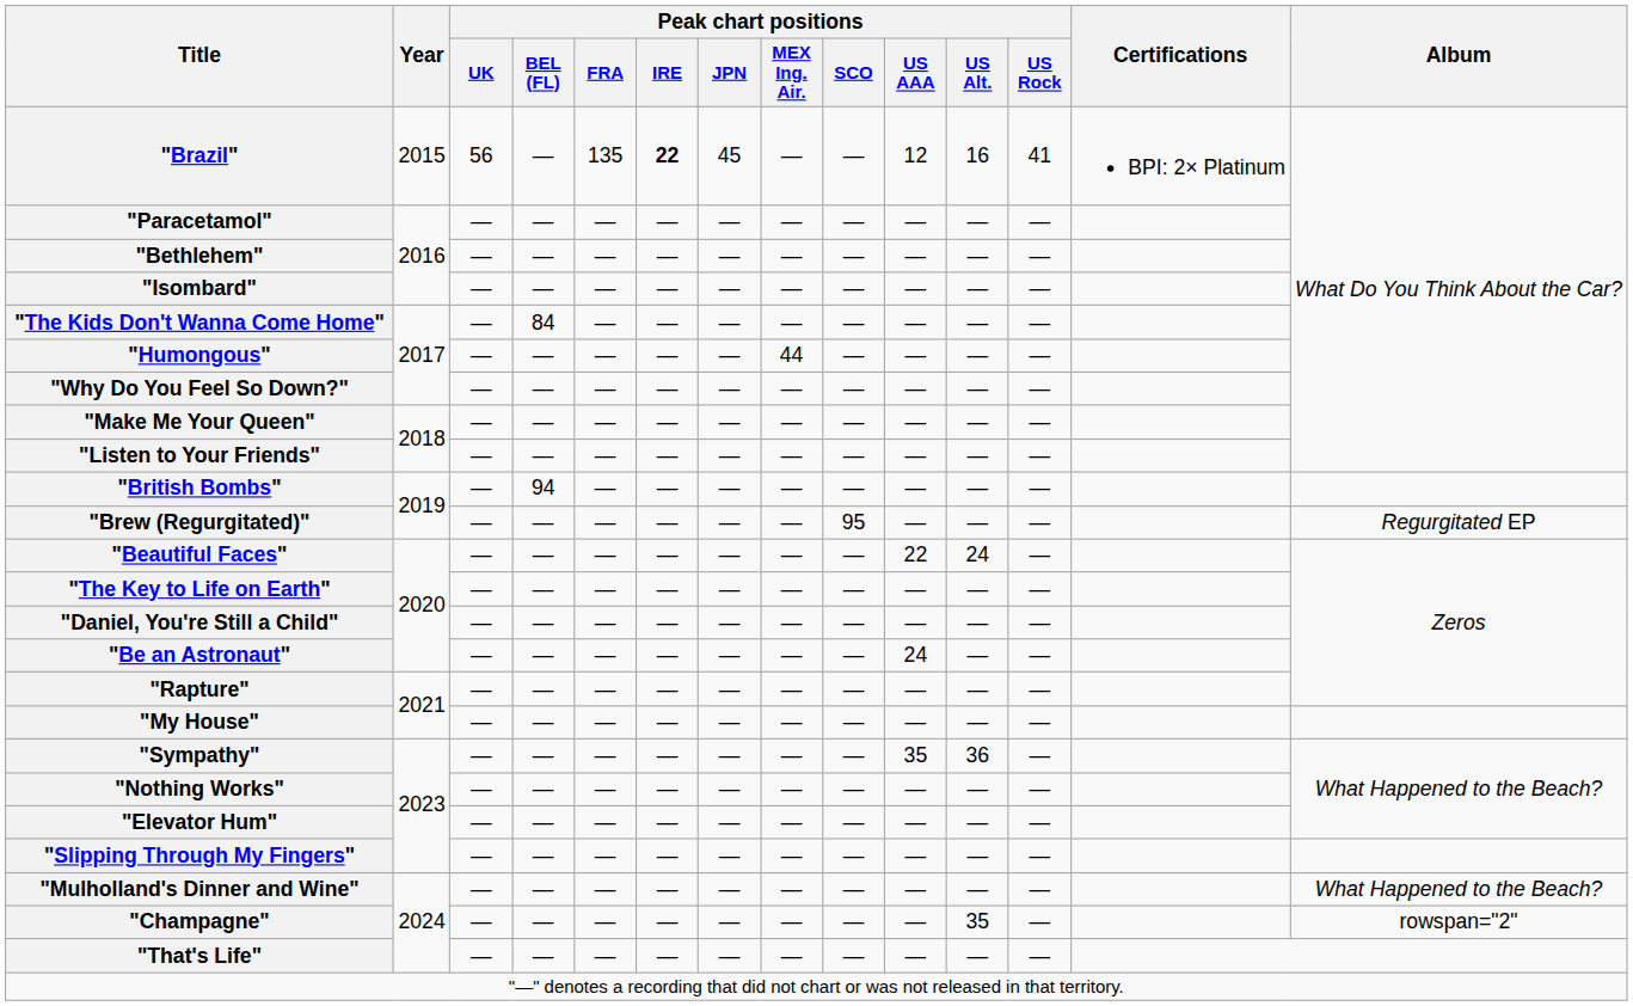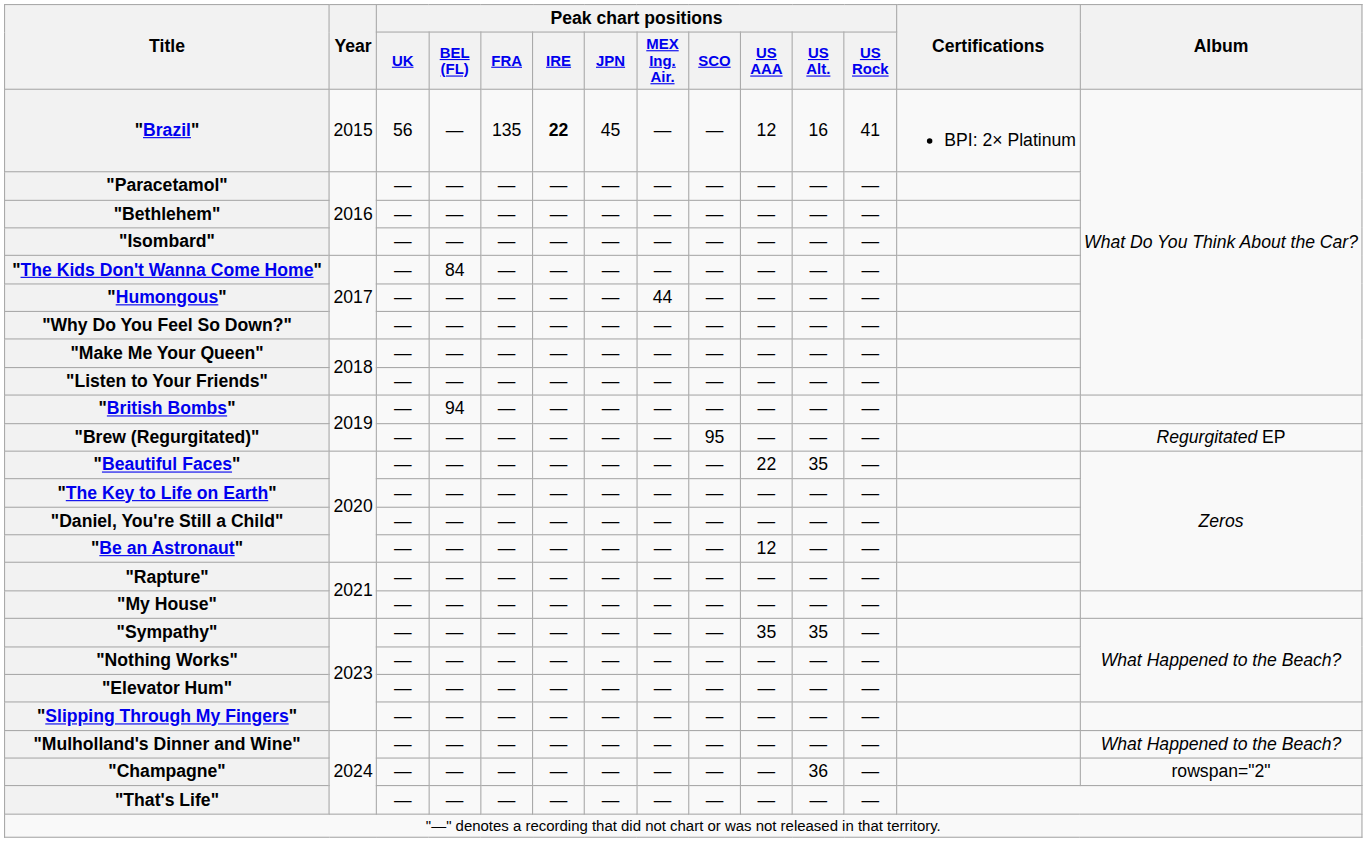 <table class="wikitable plainrowheaders" style="text-align:center;">
 <tr>
 <th scope="col" rowspan="2" style="width:18em;">Title</th>
 <th scope="col" rowspan="2" style="width:1em;">Year</th>
 <th scope="col" colspan="10">Peak chart positions</th>
 <th scope="col" rowspan="2">Certifications</th>
 <th scope="col" rowspan="2">Album</th>
 </tr>
 <tr>
 <th scope="col" style="width:3em;font-size:85%;"><a href='#'>UK</a><br></th>
 <th scope="col" style="width:3em;font-size:85%;"><a href='#'>BEL<br>(FL)</a><br></th>
 <th scope="col" style="width:3em;font-size:85%;"><a href='#'>FRA</a><br></th>
 <th scope="col" style="width:3em;font-size:85%;"><a href='#'>IRE</a><br></th>
 <th scope="col" style="width:3em;font-size:85%;"><a href='#'>JPN</a><br></th>
 <th scope="col" style="width:3em;font-size:85%;"><a href='#'>MEX<br>Ing.<br>Air.</a><br></th>
 <th scope="col" style="width:3em;font-size:85%;"><a href='#'>SCO</a><br></th>
 <th scope="col" style="width:3em;font-size:85%;"><a href='#'>US<br>AAA</a><br></th>
 <th scope="col" style="width:3em;font-size:85%;"><a href='#'>US<br>Alt.</a><br></th>
 <th scope="col" style="width:3em;font-size:85%;"><a href='#'>US<br>Rock</a><br></th>
 </tr>
 <tr>
 <th scope="row">"<a href='#'>Brazil</a>"</th>
 <td>2015</td>
 <td>56</td>
 <td>—</td>
 <td>135</td>
 <td><strong>22</strong></td>
 <td>45</td>
 <td>—</td>
 <td>—</td>
 <td>12</td>
 <td>16</td>
 <td>41</td>
 <td><br><ul><li>BPI: 2× Platinum</li></ul></td>
 <td rowspan="9"><em>What Do You Think About the Car?</em></td>
 </tr>
 <tr>
 <th scope="row">"Paracetamol"</th>
 <td rowspan="3">2016</td>
 <td>—</td>
 <td>—</td>
 <td>—</td>
 <td>—</td>
 <td>—</td>
 <td>—</td>
 <td>—</td>
 <td>—</td>
 <td>—</td>
 <td>—</td>
 <td></td>
 </tr>
 <tr>
 <th scope="row">"Bethlehem"</th>
 <td>—</td>
 <td>—</td>
 <td>—</td>
 <td>—</td>
 <td>—</td>
 <td>—</td>
 <td>—</td>
 <td>—</td>
 <td>—</td>
 <td>—</td>
 <td></td>
 </tr>
 <tr>
 <th scope="row">"Isombard"</th>
 <td>—</td>
 <td>—</td>
 <td>—</td>
 <td>—</td>
 <td>—</td>
 <td>—</td>
 <td>—</td>
 <td>—</td>
 <td>—</td>
 <td>—</td>
 <td></td>
 </tr>
 <tr>
 <th scope="row">"<a href='#'>The Kids Don't Wanna Come Home</a>"</th>
 <td rowspan="3">2017</td>
 <td>—</td>
 <td>84</td>
 <td>—</td>
 <td>—</td>
 <td>—</td>
 <td>—</td>
 <td>—</td>
 <td>—</td>
 <td>—</td>
 <td>—</td>
 <td></td>
 </tr>
 <tr>
 <th scope="row">"<a href='#'>Humongous</a>"</th>
 <td>—</td>
 <td>—</td>
 <td>—</td>
 <td>—</td>
 <td>—</td>
 <td>44</td>
 <td>—</td>
 <td>—</td>
 <td>—</td>
 <td>—</td>
 <td></td>
 </tr>
 <tr>
 <th scope="row">"Why Do You Feel So Down?"</th>
 <td>—</td>
 <td>—</td>
 <td>—</td>
 <td>—</td>
 <td>—</td>
 <td>—</td>
 <td>—</td>
 <td>—</td>
 <td>—</td>
 <td>—</td>
 <td></td>
 </tr>
 <tr>
 <th scope="row">"Make Me Your Queen"</th>
 <td rowspan="2">2018</td>
 <td>—</td>
 <td>—</td>
 <td>—</td>
 <td>—</td>
 <td>—</td>
 <td>—</td>
 <td>—</td>
 <td>—</td>
 <td>—</td>
 <td>—</td>
 <td></td>
 </tr>
 <tr>
 <th scope="row">"Listen to Your Friends"</th>
 <td>—</td>
 <td>—</td>
 <td>—</td>
 <td>—</td>
 <td>—</td>
 <td>—</td>
 <td>—</td>
 <td>—</td>
 <td>—</td>
 <td>—</td>
 <td></td>
 </tr>
 <tr>
 <th scope="row">"<a href='#'>British Bombs</a>"</th>
 <td rowspan="2">2019</td>
 <td>—</td>
 <td>94</td>
 <td>—</td>
 <td>—</td>
 <td>—</td>
 <td>—</td>
 <td>—</td>
 <td>—</td>
 <td>—</td>
 <td>—</td>
 <td></td>
 <td></td>
 </tr>
 <tr>
 <th scope="row">"Brew (Regurgitated)"</th>
 <td>—</td>
 <td>—</td>
 <td>—</td>
 <td>—</td>
 <td>—</td>
 <td>—</td>
 <td>95</td>
 <td>—</td>
 <td>—</td>
 <td>—</td>
 <td></td>
 <td><em>Regurgitated</em> EP</td>
 </tr>
 <tr>
 <th scope="row">"<a href='#'>Beautiful Faces</a>"</th>
 <td rowspan="4">2020</td>
 <td>—</td>
 <td>—</td>
 <td>—</td>
 <td>—</td>
 <td>—</td>
 <td>—</td>
 <td>—</td>
 <td>22</td>
-<td>24</td>
+<td>35</td>
 <td>—</td>
 <td></td>
 <td rowspan="5"><em>Zeros</em></td>
 </tr>
 <tr>
 <th scope="row">"<a href='#'>The Key to Life on Earth</a>"</th>
 <td>—</td>
 <td>—</td>
 <td>—</td>
 <td>—</td>
 <td>—</td>
 <td>—</td>
 <td>—</td>
 <td>—</td>
 <td>—</td>
 <td>—</td>
 <td></td>
 </tr>
 <tr>
 <th scope="row">"Daniel, You're Still a Child"</th>
 <td>—</td>
 <td>—</td>
 <td>—</td>
 <td>—</td>
 <td>—</td>
 <td>—</td>
 <td>—</td>
 <td>—</td>
 <td>—</td>
 <td>—</td>
 <td></td>
 </tr>
 <tr>
 <th scope="row">"<a href='#'>Be an Astronaut</a>"</th>
 <td>—</td>
 <td>—</td>
 <td>—</td>
 <td>—</td>
 <td>—</td>
 <td>—</td>
 <td>—</td>
-<td>24</td>
+<td>12</td>
 <td>—</td>
 <td>—</td>
 <td></td>
 </tr>
 <tr>
 <th scope="row">"Rapture"</th>
 <td rowspan="2">2021</td>
 <td>—</td>
 <td>—</td>
 <td>—</td>
 <td>—</td>
 <td>—</td>
 <td>—</td>
 <td>—</td>
 <td>—</td>
 <td>—</td>
 <td>—</td>
 <td></td>
 </tr>
 <tr>
 <th scope="row">"My House"</th>
 <td>—</td>
 <td>—</td>
 <td>—</td>
 <td>—</td>
 <td>—</td>
 <td>—</td>
 <td>—</td>
 <td>—</td>
 <td>—</td>
 <td>—</td>
 <td></td>
 <td></td>
 </tr>
 <tr>
 <th scope="row">"Sympathy"</th>
 <td rowspan="4">2023</td>
 <td>—</td>
 <td>—</td>
 <td>—</td>
 <td>—</td>
 <td>—</td>
 <td>—</td>
 <td>—</td>
 <td>35</td>
-<td>36</td>
+<td>35</td>
 <td>—</td>
 <td></td>
 <td rowspan="3"><em>What Happened to the Beach?</em></td>
 </tr>
 <tr>
 <th scope="row">"Nothing Works"</th>
 <td>—</td>
 <td>—</td>
 <td>—</td>
 <td>—</td>
 <td>—</td>
 <td>—</td>
 <td>—</td>
 <td>—</td>
 <td>—</td>
 <td>—</td>
 <td></td>
 </tr>
 <tr>
 <th scope="row">"Elevator Hum"</th>
 <td>—</td>
 <td>—</td>
 <td>—</td>
 <td>—</td>
 <td>—</td>
 <td>—</td>
 <td>—</td>
 <td>—</td>
 <td>—</td>
 <td>—</td>
 <td></td>
 </tr>
 <tr>
 <th scope="row">"<a href='#'>Slipping Through My Fingers</a>"<br></th>
 <td>—</td>
 <td>—</td>
 <td>—</td>
 <td>—</td>
 <td>—</td>
 <td>—</td>
 <td>—</td>
 <td>—</td>
 <td>—</td>
 <td>—</td>
 <td></td>
 <td></td>
 </tr>
 <tr>
 <th scope="row">"Mulholland's Dinner and Wine"</th>
 <td rowspan="3">2024</td>
 <td>—</td>
 <td>—</td>
 <td>—</td>
 <td>—</td>
 <td>—</td>
 <td>—</td>
 <td>—</td>
 <td>—</td>
 <td>—</td>
 <td>—</td>
 <td></td>
 <td><em>What Happened to the Beach?</em></td>
 </tr>
 <tr>
 <th scope="row">"Champagne"</th>
 <td>—</td>
 <td>—</td>
 <td>—</td>
 <td>—</td>
 <td>—</td>
 <td>—</td>
 <td>—</td>
 <td>—</td>
-<td>35</td>
+<td>36</td>
 <td>—</td>
 <td></td>
 <td>rowspan="2" </td>
 </tr>
 <tr>
 <th scope="row">"That's Life"</th>
 <td>—</td>
 <td>—</td>
 <td>—</td>
 <td>—</td>
 <td>—</td>
 <td>—</td>
 <td>—</td>
 <td>—</td>
 <td>—</td>
 <td>—</td>
 </tr>
 <tr>
 <td colspan="15" style="font-size:85%">"—" denotes a recording that did not chart or was not released in that territory.</td>
 </tr>
 </table>
